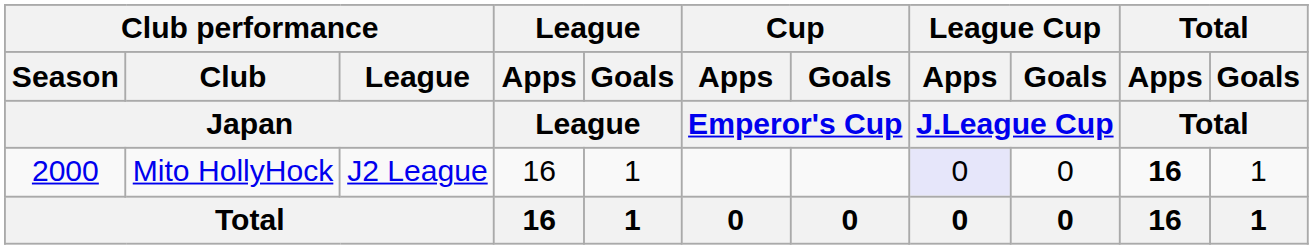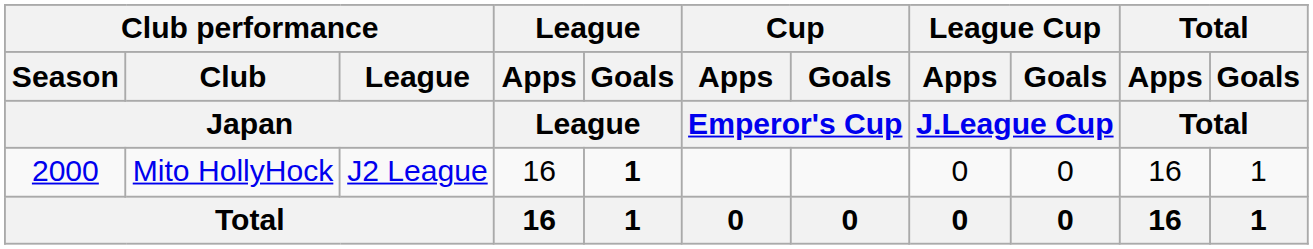 <table class="wikitable" style="text-align:center;">
 <tr>
 <th colspan=3>Club performance</th>
 <th colspan=2>League</th>
 <th colspan=2>Cup</th>
 <th colspan=2>League Cup</th>
 <th colspan=2>Total</th>
 </tr>
 <tr>
 <th>Season</th>
 <th>Club</th>
 <th>League</th>
 <th>Apps</th>
 <th>Goals</th>
 <th>Apps</th>
 <th>Goals</th>
 <th>Apps</th>
 <th>Goals</th>
 <th>Apps</th>
 <th>Goals</th>
 </tr>
 <tr>
 <th colspan=3>Japan</th>
 <th colspan=2>League</th>
 <th colspan=2><a href='#'>Emperor's Cup</a></th>
 <th colspan=2><a href='#'>J.League Cup</a></th>
 <th colspan=2>Total</th>
 </tr>
 <tr>
 <td><a href='#'>2000</a></td>
 <td><a href='#'>Mito HollyHock</a></td>
 <td><a href='#'>J2 League</a></td>
 <td>16</td>
-<td>1</td>
+<td><strong>1</strong></td>
 <td></td>
 <td></td>
-<td style="background: lavender;">0</td>
 <td>0</td>
-<td><strong>16</strong></td>
+<td>0</td>
+<td>16</td>
 <td>1</td>
 </tr>
 <tr>
 <th colspan=3>Total</th>
 <th>16</th>
 <th>1</th>
 <th>0</th>
 <th>0</th>
 <th>0</th>
 <th>0</th>
 <th>16</th>
 <th>1</th>
 </tr>
 </table>
